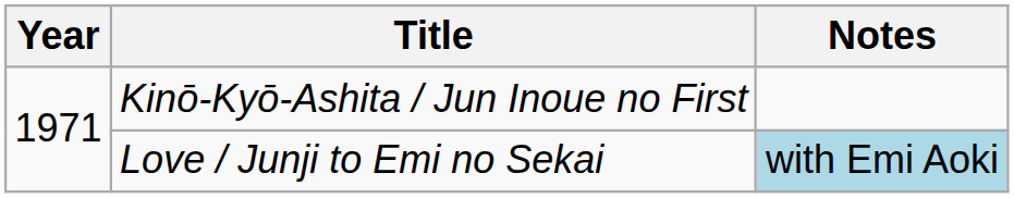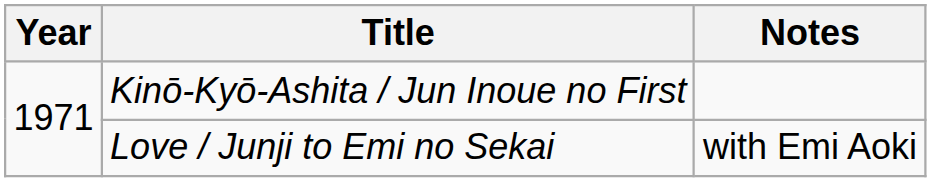 <table class="wikitable">
 <tr>
 <th>Year</th>
 <th>Title</th>
 <th>Notes</th>
 </tr>
 <tr>
 <td rowspan="2">1971</td>
 <td><em>Kinō-Kyō-Ashita / Jun Inoue no First</em></td>
 <td></td>
 </tr>
 <tr>
 <td><em>Love / Junji to Emi no Sekai</em></td>
-<td style="background: lightblue;">with Emi Aoki</td>
+<td>with Emi Aoki</td>
 </tr>
 </table>
